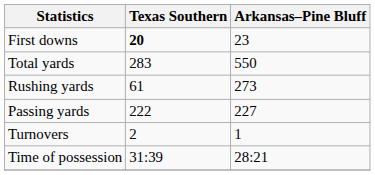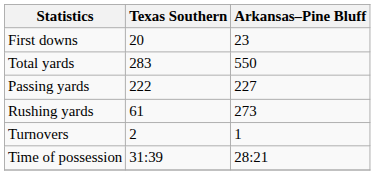 <table class="wikitable">
 <tr>
 <th>Statistics</th>
 <th>Texas Southern</th>
 <th>Arkansas–Pine Bluff</th>
 </tr>
 <tr>
 <td>First downs</td>
-<td><strong>20</strong></td>
+<td>20</td>
 <td>23</td>
 </tr>
 <tr>
 <td>Total yards</td>
 <td>283</td>
 <td>550</td>
 </tr>
 <tr>
+<td>Passing yards</td>
+<td>222</td>
+<td>227</td>
+</tr>
+<tr>
 <td>Rushing yards</td>
 <td>61</td>
 <td>273</td>
-</tr>
-<tr>
-<td>Passing yards</td>
-<td>222</td>
-<td>227</td>
 </tr>
 <tr>
 <td>Turnovers</td>
 <td>2</td>
 <td>1</td>
 </tr>
 <tr>
 <td>Time of possession</td>
 <td>31:39</td>
 <td>28:21</td>
 </tr>
 <tr>
 </tr>
 </table>
